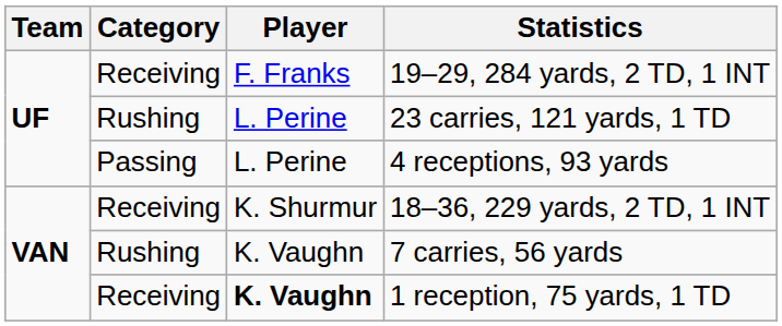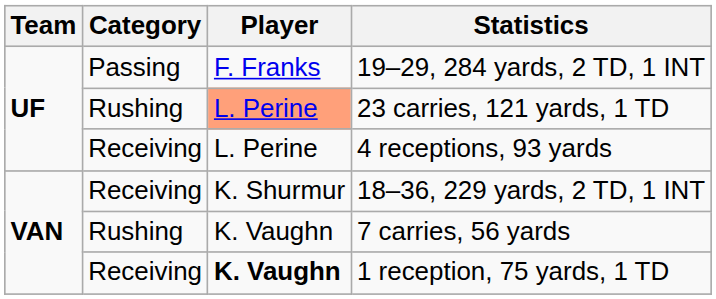 <table class="wikitable" style="float: right;">
 <tr>
 <th>Team</th>
 <th>Category</th>
 <th>Player</th>
 <th>Statistics</th>
 </tr>
 <tr>
 <td rowspan=3><strong>UF</strong></td>
-<td>Receiving</td>
+<td>Passing</td>
 <td><a href='#'>F. Franks</a></td>
 <td>19–29, 284 yards, 2 TD, 1 INT</td>
 </tr>
 <tr>
 <td>Rushing</td>
-<td><a href='#'>L. Perine</a></td>
+<td style="background: lightsalmon;"><a href='#'>L. Perine</a></td>
 <td>23 carries, 121 yards, 1 TD</td>
 </tr>
 <tr>
-<td>Passing</td>
+<td>Receiving</td>
 <td>L. Perine</td>
 <td>4 receptions, 93 yards</td>
 </tr>
 <tr>
 <td rowspan=3><strong>VAN</strong></td>
 <td>Receiving</td>
 <td>K. Shurmur</td>
 <td>18–36, 229 yards, 2 TD, 1 INT</td>
 </tr>
 <tr>
 <td>Rushing</td>
 <td>K. Vaughn</td>
 <td>7 carries, 56 yards</td>
 </tr>
 <tr>
 <td>Receiving</td>
 <td><strong>K. Vaughn</strong></td>
 <td>1 reception, 75 yards, 1 TD</td>
 </tr>
 </table>
